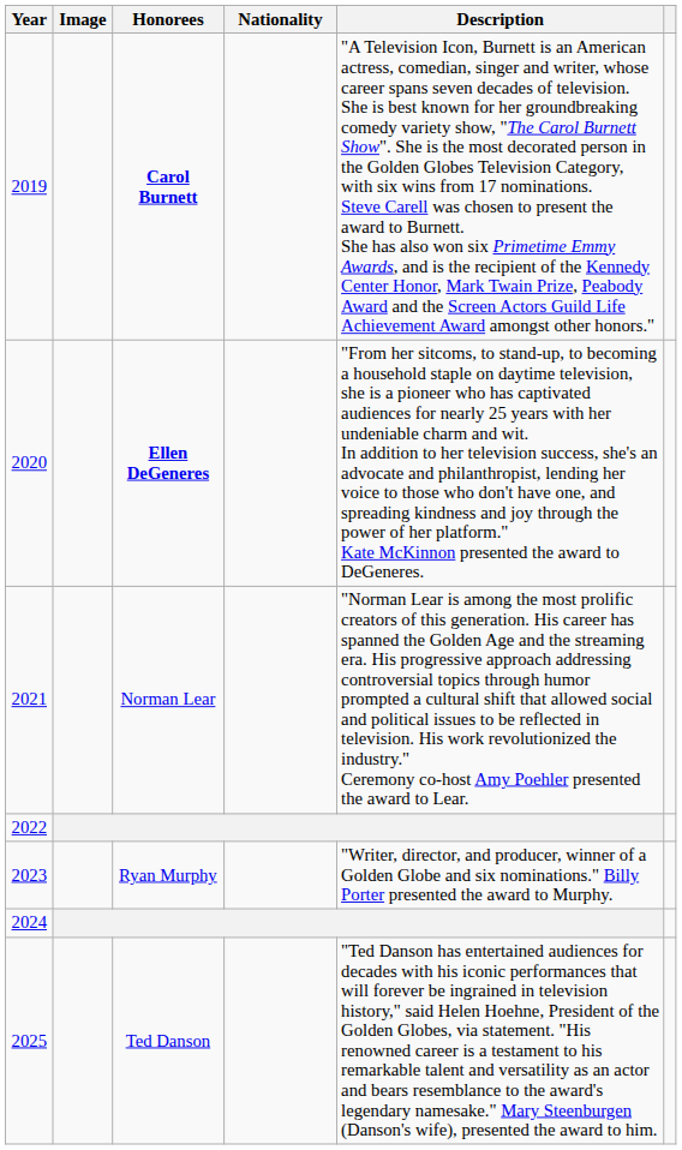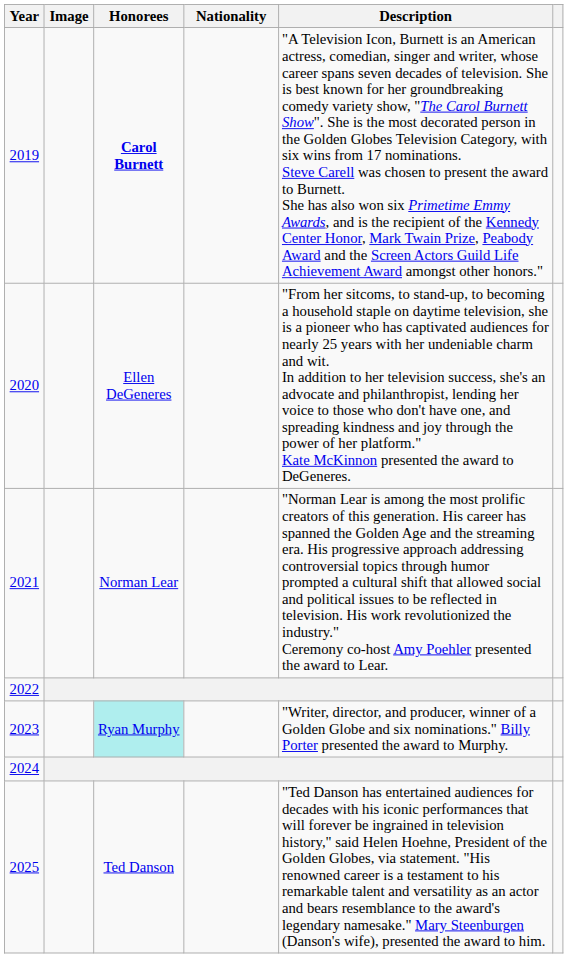 <table class="wikitable sortable plainrowheaders" style="text-align:center;">
 <tr>
 <th scope="col" width="1%">Year</th>
 <th scope="col" class="unsortable" width="1%">Image</th>
 <th scope="col" width="5%">Honorees</th>
 <th scope="col" width="5%">Nationality</th>
 <th scope="col" class="unsortable" width="30%">Description</th>
 <th scope="col" class="unsortable" width="1%"></th>
 </tr>
 <tr>
 <td><a href='#'>2019</a></td>
 <td></td>
 <td><strong><a href='#'>Carol Burnett</a></strong></td>
 <td></td>
 <td style="text-align:left;">"A Television Icon, Burnett is an American actress, comedian, singer and writer, whose career spans seven decades of television. She is best known for her groundbreaking comedy variety show, "<em><a href='#'>The Carol Burnett Show</a></em>". She is the most decorated person in the Golden Globes Television Category, with six wins from 17 nominations.<br><a href='#'>Steve Carell</a> was chosen to present the award to Burnett.<br>She has also won six <em><a href='#'>Primetime Emmy Awards</a></em>, and is the recipient of the <a href='#'>Kennedy Center Honor</a>, <a href='#'>Mark Twain Prize</a>, <a href='#'>Peabody Award</a> and the <a href='#'>Screen Actors Guild Life Achievement Award</a> amongst other honors."</td>
 <td></td>
 </tr>
 <tr>
 <td><a href='#'>2020</a></td>
 <td></td>
-<td><strong><a href='#'>Ellen DeGeneres</a></strong></td>
+<td><a href='#'>Ellen DeGeneres</a></td>
 <td></td>
 <td style="text-align:left;">"From her sitcoms, to stand-up, to becoming a household staple on daytime television, she is a pioneer who has captivated audiences for nearly 25 years with her undeniable charm and wit.<br>In addition to her television success, she's an advocate and philanthropist, lending her voice to those who don't have one, and spreading kindness and joy through the power of her platform."<br><a href='#'>Kate McKinnon</a> presented the award to DeGeneres.</td>
 <td></td>
 </tr>
 <tr>
 <td><a href='#'>2021</a></td>
 <td></td>
 <td><a href='#'>Norman Lear</a></td>
 <td></td>
 <td style="text-align:left;">"Norman Lear is among the most prolific creators of this generation. His career has spanned the Golden Age and the streaming era. His progressive approach addressing controversial topics through humor prompted a cultural shift that allowed social and political issues to be reflected in television. His work revolutionized the industry."<br>Ceremony co-host <a href='#'>Amy Poehler</a> presented the award to Lear.</td>
 <td></td>
 </tr>
 <tr>
 <td><a href='#'>2022</a></td>
 <th colspan="4" scope="row" style="text-align:center;"></th>
 <td></td>
 </tr>
 <tr>
 <td><a href='#'>2023</a></td>
 <td></td>
-<td><a href='#'>Ryan Murphy</a></td>
+<td style="background: paleturquoise;"><a href='#'>Ryan Murphy</a></td>
 <td></td>
 <td style="text-align:left;">"Writer, director, and producer, winner of a Golden Globe and six nominations." <a href='#'>Billy Porter</a> presented the award to Murphy.</td>
 <td></td>
 </tr>
 <tr>
 <td><a href='#'>2024</a></td>
 <th colspan="4" scope="row" style="text-align:center;"></th>
 <td></td>
 </tr>
 <tr>
 <td><a href='#'>2025</a></td>
 <td></td>
 <td><a href='#'>Ted Danson</a></td>
 <td></td>
 <td style="text-align:left;">"Ted Danson has entertained audiences for decades with his iconic performances that will forever be ingrained in television history," said Helen Hoehne, President of the Golden Globes, via statement. "His renowned career is a testament to his remarkable talent and versatility as an actor and bears resemblance to the award's legendary namesake." <a href='#'>Mary Steenburgen</a> (Danson's wife), presented the award to him.</td>
 <td></td>
 </tr>
 </table>
